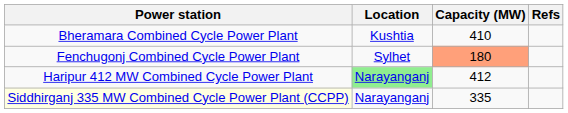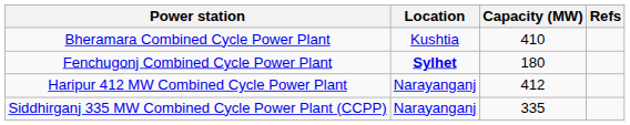 <table class="wikitable sortable static-row-numbers static-row-header-text"  style="text-align: center">
 <tr>
 <th>Power station</th>
 <th>Location</th>
 <th>Capacity (MW)</th>
 <th>Refs</th>
 </tr>
 <tr>
 <td><a href='#'>Bheramara Combined Cycle Power Plant</a></td>
 <td><a href='#'>Kushtia</a></td>
 <td>410</td>
 <td></td>
 </tr>
 <tr>
 <td><a href='#'>Fenchugonj Combined Cycle Power Plant</a></td>
-<td><a href='#'>Sylhet</a></td>
-<td style="background: lightsalmon;">180</td>
+<td><strong><a href='#'>Sylhet</a></strong></td>
+<td>180</td>
 <td></td>
 </tr>
 <tr>
 <td><a href='#'>Haripur 412 MW Combined Cycle Power Plant</a></td>
-<td style="background: lightgreen;"><a href='#'>Narayanganj</a></td>
+<td><a href='#'>Narayanganj</a></td>
 <td>412</td>
 <td></td>
 </tr>
 <tr>
-<td style="background: lightyellow;"><a href='#'>Siddhirganj 335 MW Combined Cycle Power Plant (CCPP)</a></td>
+<td><a href='#'>Siddhirganj 335 MW Combined Cycle Power Plant (CCPP)</a></td>
 <td><a href='#'>Narayanganj</a></td>
 <td>335</td>
 <td></td>
 </tr>
 </table>
